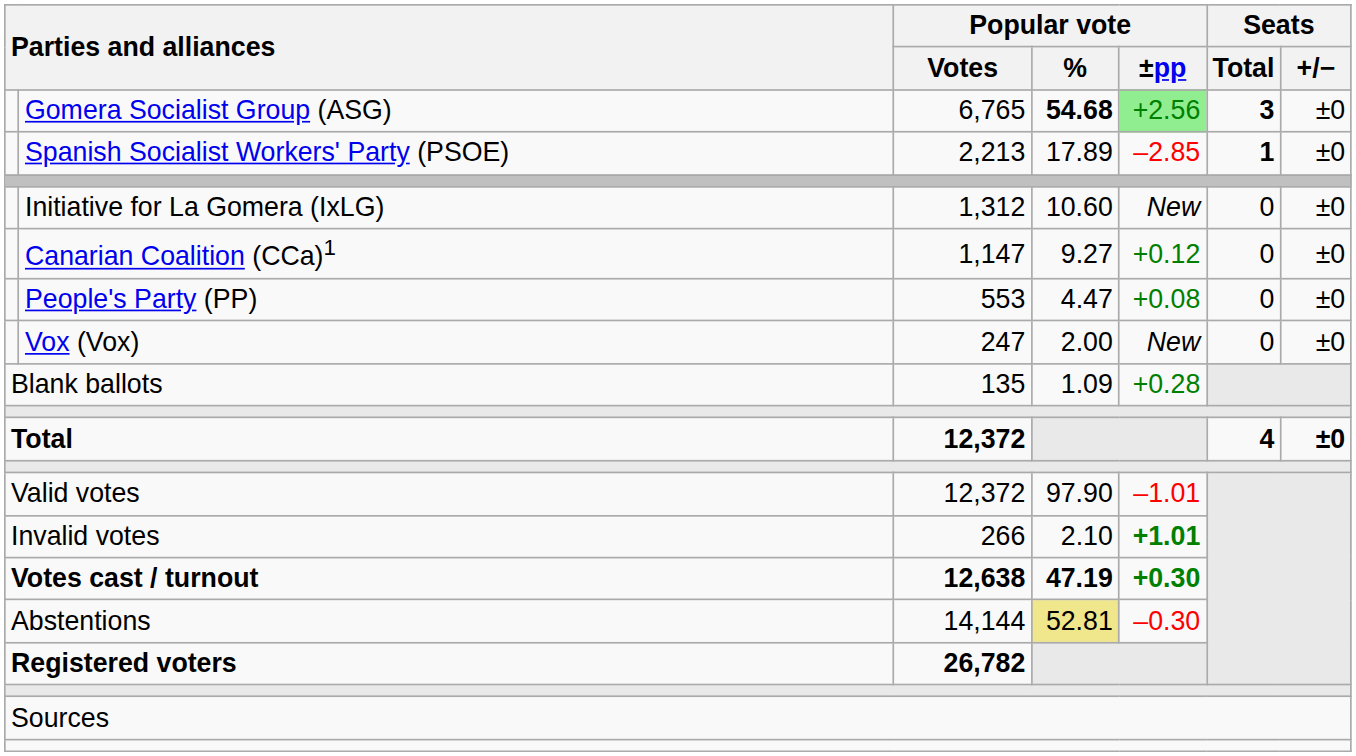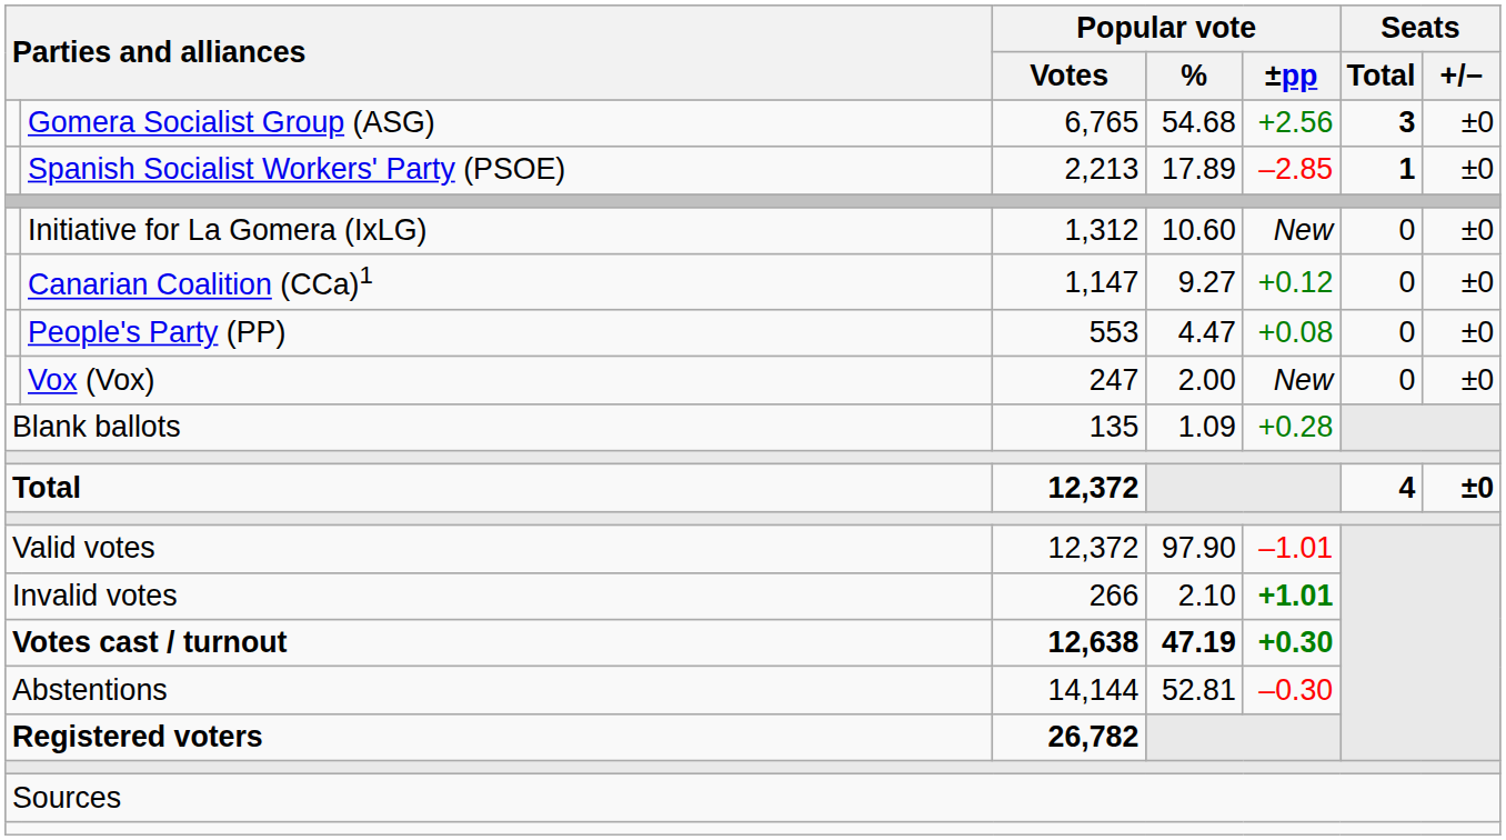 <table class="wikitable" style="text-align:right;">
 <tr>
 <th style="text-align:left;" rowspan="2" colspan="2" width="525">Parties and alliances</th>
 <th colspan="3">Popular vote</th>
 <th colspan="2">Seats</th>
 </tr>
 <tr>
 <th width="75">Votes</th>
 <th width="45">%</th>
 <th width="45">±<a href='#'>pp</a></th>
 <th width="35">Total</th>
 <th width="35">+/−</th>
 </tr>
 <tr>
 <td width="1" style="color:inherit;background:"></td>
 <td align="left"><a href='#'>Gomera Socialist Group</a> (ASG)</td>
 <td>6,765</td>
-<td><strong>54.68</strong></td>
-<td style="background: lightgreen; color:green;">+2.56</td>
+<td>54.68</td>
+<td style="color:green;">+2.56</td>
 <td><strong>3</strong></td>
 <td>±0</td>
 </tr>
 <tr>
 <td style="color:inherit;background:"></td>
 <td align="left"><a href='#'>Spanish Socialist Workers' Party</a> (PSOE)</td>
 <td>2,213</td>
 <td>17.89</td>
 <td style="color:red;">–2.85</td>
 <td><strong>1</strong></td>
 <td>±0</td>
 </tr>
 <tr>
 <td colspan="7" bgcolor="#C0C0C0"></td>
 </tr>
 <tr>
 <td style="color:inherit;background:"></td>
 <td align="left">Initiative for La Gomera (IxLG)</td>
 <td>1,312</td>
 <td>10.60</td>
 <td><em>New</em></td>
 <td>0</td>
 <td>±0</td>
 </tr>
 <tr>
 <td style="color:inherit;background:"></td>
 <td align="left"><a href='#'>Canarian Coalition</a> (CCa)<sup>1</sup></td>
 <td>1,147</td>
 <td>9.27</td>
 <td style="color:green;">+0.12</td>
 <td>0</td>
 <td>±0</td>
 </tr>
 <tr>
 <td style="color:inherit;background:"></td>
 <td align="left"><a href='#'>People's Party</a> (PP)</td>
 <td>553</td>
 <td>4.47</td>
 <td style="color:green;">+0.08</td>
 <td>0</td>
 <td>±0</td>
 </tr>
 <tr>
 <td style="color:inherit;background:"></td>
 <td align="left"><a href='#'>Vox</a> (Vox)</td>
 <td>247</td>
 <td>2.00</td>
 <td><em>New</em></td>
 <td>0</td>
 <td>±0</td>
 </tr>
 <tr>
 <td align="left" colspan="2">Blank ballots</td>
 <td>135</td>
 <td>1.09</td>
 <td style="color:green;">+0.28</td>
 <td bgcolor="#E9E9E9" colspan="2"></td>
 </tr>
 <tr>
 <td colspan="7" bgcolor="#E9E9E9"></td>
 </tr>
 <tr style="font-weight:bold;">
 <td align="left" colspan="2">Total</td>
 <td>12,372</td>
 <td bgcolor="#E9E9E9" colspan="2"></td>
 <td>4</td>
 <td>±0</td>
 </tr>
 <tr>
 <td colspan="7" bgcolor="#E9E9E9"></td>
 </tr>
 <tr>
 <td align="left" colspan="2">Valid votes</td>
 <td>12,372</td>
 <td>97.90</td>
 <td style="color:red;">–1.01</td>
 <td bgcolor="#E9E9E9" colspan="2" rowspan="5"></td>
 </tr>
 <tr>
 <td align="left" colspan="2">Invalid votes</td>
 <td>266</td>
 <td>2.10</td>
 <td style="color:green;"><strong>+1.01</strong></td>
 </tr>
 <tr style="font-weight:bold;">
 <td align="left" colspan="2">Votes cast / turnout</td>
 <td>12,638</td>
 <td>47.19</td>
 <td style="color:green;">+0.30</td>
 </tr>
 <tr>
 <td align="left" colspan="2">Abstentions</td>
 <td>14,144</td>
-<td style="background: khaki;">52.81</td>
+<td>52.81</td>
 <td style="color:red;">–0.30</td>
 </tr>
 <tr style="font-weight:bold;">
 <td align="left" colspan="2">Registered voters</td>
 <td>26,782</td>
 <td bgcolor="#E9E9E9" colspan="2"></td>
 </tr>
 <tr>
 <td colspan="7" bgcolor="#E9E9E9"></td>
 </tr>
 <tr>
 <td align="left" colspan="7">Sources</td>
 </tr>
 <tr>
 <td colspan="9" style="text-align:left;font-size:95%;max-width:790px;"></td>
 </tr>
 </table>
